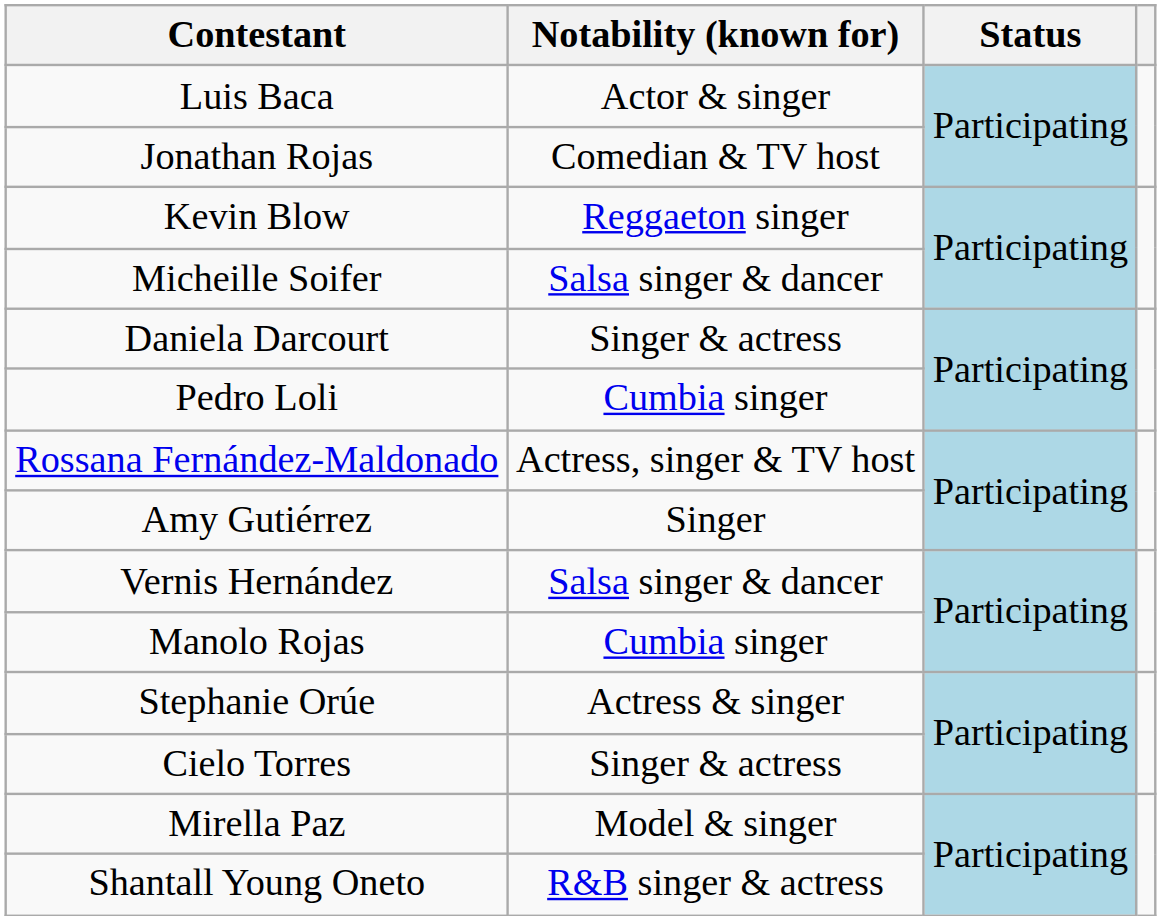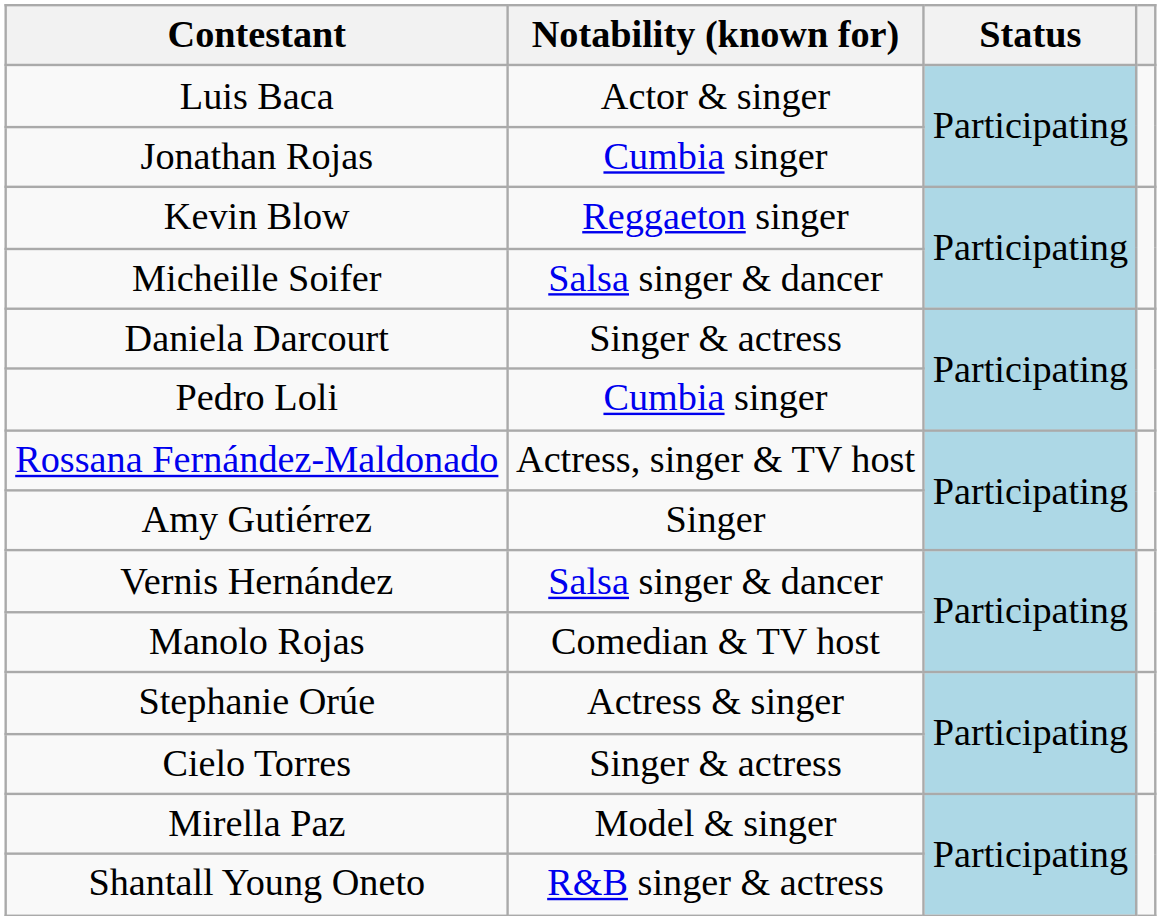 <table class= "wikitable sortable" style="text-align: center; margin:auto; align: center">
 <tr>
 <th>Contestant</th>
 <th>Notability (known for)</th>
 <th>Status</th>
 <th class="unsortable"></th>
 </tr>
 <tr>
 <td>Luis Baca</td>
 <td>Actor & singer</td>
 <td bgcolor=lightblue rowspan=2>Participating</td>
 <td rowspan=2></td>
 </tr>
 <tr>
 <td>Jonathan Rojas</td>
-<td>Comedian & TV host</td>
+<td><a href='#'>Cumbia</a> singer</td>
 </tr>
 <tr>
 <td>Kevin Blow</td>
 <td><a href='#'>Reggaeton</a> singer</td>
 <td bgcolor=lightblue rowspan=2>Participating</td>
 <td rowspan=2></td>
 </tr>
 <tr>
 <td>Micheille Soifer</td>
 <td><a href='#'>Salsa</a> singer & dancer</td>
 </tr>
 <tr>
 <td>Daniela Darcourt</td>
 <td>Singer & actress</td>
 <td bgcolor=lightblue rowspan=2>Participating</td>
 <td rowspan=2></td>
 </tr>
 <tr>
 <td>Pedro Loli</td>
 <td><a href='#'>Cumbia</a> singer</td>
 </tr>
 <tr>
 <td><a href='#'>Rossana Fernández-Maldonado</a></td>
 <td>Actress, singer & TV host</td>
 <td bgcolor=lightblue rowspan=2>Participating</td>
 <td rowspan=2></td>
 </tr>
 <tr>
 <td>Amy Gutiérrez</td>
 <td>Singer</td>
 </tr>
 <tr>
 <td>Vernis Hernández</td>
 <td><a href='#'>Salsa</a> singer & dancer</td>
 <td bgcolor=lightblue rowspan=2>Participating</td>
 <td rowspan=2></td>
 </tr>
 <tr>
 <td>Manolo Rojas</td>
-<td><a href='#'>Cumbia</a> singer</td>
+<td>Comedian & TV host</td>
 </tr>
 <tr>
 <td>Stephanie Orúe</td>
 <td>Actress & singer</td>
 <td bgcolor=lightblue rowspan=2>Participating</td>
 <td rowspan=2></td>
 </tr>
 <tr>
 <td>Cielo Torres</td>
 <td>Singer & actress</td>
 </tr>
 <tr>
 <td>Mirella Paz</td>
 <td>Model & singer</td>
 <td bgcolor=lightblue rowspan=2>Participating</td>
 <td rowspan=2></td>
 </tr>
 <tr>
 <td>Shantall Young Oneto</td>
 <td><a href='#'>R&B</a> singer & actress</td>
 </tr>
 </table>
